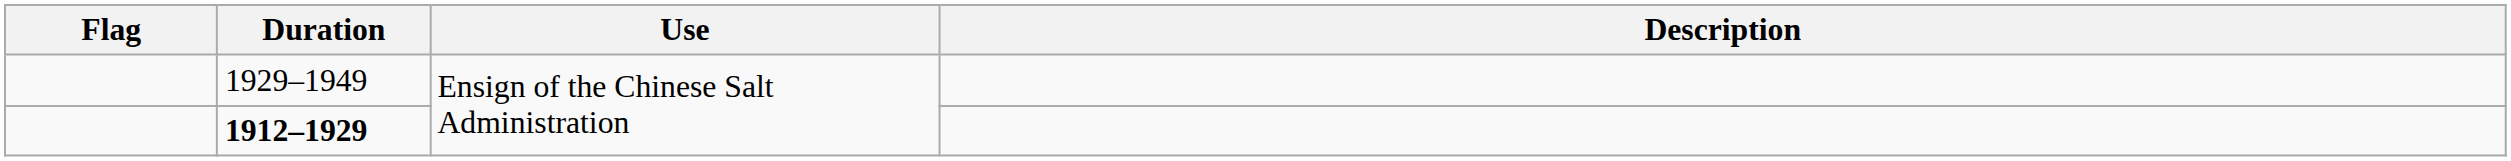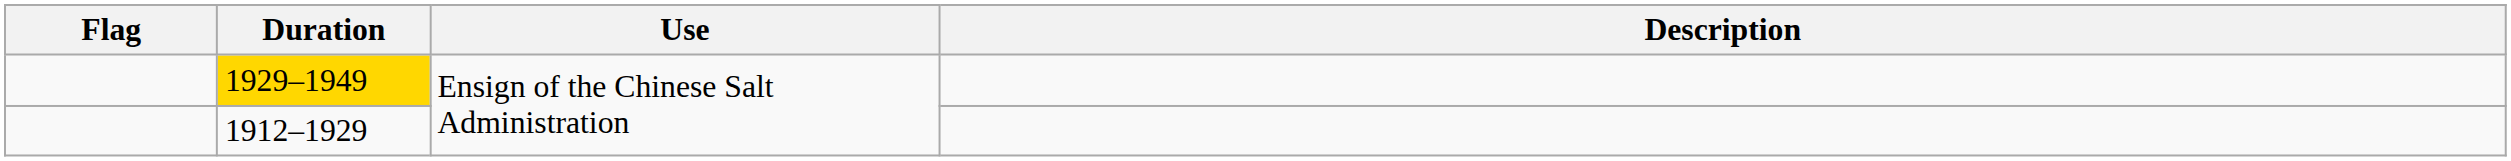 <table class="wikitable" width="100%">
 <tr>
 <th style="width:100px;">Flag</th>
 <th style="width:100px;">Duration</th>
 <th style="width:250px;">Use</th>
 <th style="min-width:250px">Description</th>
 </tr>
 <tr>
 <td></td>
-<td>1929–1949</td>
+<td style="background: gold;">1929–1949</td>
 <td rowspan="2">Ensign of the Chinese Salt Administration</td>
 <td></td>
 </tr>
 <tr>
 <td></td>
-<td><strong>1912–1929</strong></td>
+<td>1912–1929</td>
 <td></td>
 </tr>
 </table>
